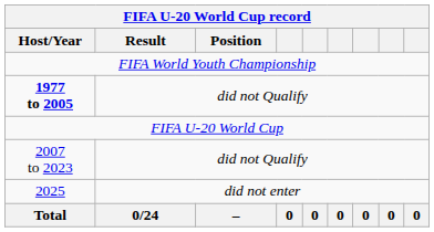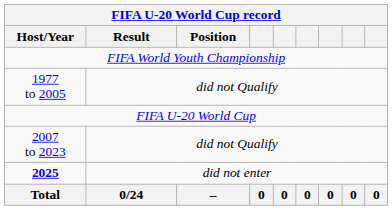 <table class="wikitable collapsible" style="text-align: center;">
 <tr>
 <th colspan="9" style="color: #0000FF;"><a href='#'>FIFA U-20 World Cup record</a></th>
 </tr>
 <tr>
 <th width="90">Host/Year</th>
 <th width="100">Result</th>
 <th width="80">Position</th>
 <th width="20"></th>
 <th width="20"></th>
 <th width="20"></th>
 <th width="20"></th>
 <th width="20"></th>
 <th width="20"></th>
 </tr>
 <tr>
 <td colspan="9"><em> <a href='#'>FIFA World Youth Championship</a></em></td>
 </tr>
 <tr>
-<td><strong> <a href='#'>1977</a><br>to  <a href='#'>2005</a></strong></td>
+<td> <a href='#'>1977</a><br>to  <a href='#'>2005</a></td>
 <td colspan="8"><em>did not Qualify</em></td>
 </tr>
 <tr>
 <td colspan="9"><em> <a href='#'>FIFA U-20 World Cup</a></em></td>
 </tr>
 <tr>
 <td> <a href='#'>2007</a><br>to  <a href='#'>2023</a></td>
 <td colspan="8"><em>did not Qualify</em></td>
 </tr>
 <tr>
-<td> <a href='#'>2025</a></td>
+<td><strong> <a href='#'>2025</a></strong></td>
 <td colspan="8"><em>did not enter</em></td>
 </tr>
 <tr>
 <th><strong>Total</strong></th>
 <th>0/24</th>
 <th><strong>–</strong></th>
 <th>0</th>
 <th>0</th>
 <th>0</th>
 <th>0</th>
 <th>0</th>
 <th>0</th>
 </tr>
 </table>
